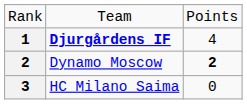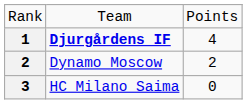 <table class="wikitable" style="text-align: center;">
 <tr>
 <td>Rank</td>
 <td>Team</td>
 <td>Points</td>
 </tr>
 <tr>
 <th>1</th>
 <td style="text-align: left;"> <strong><a href='#'>Djurgårdens IF</a></strong></td>
 <td>4</td>
 </tr>
 <tr>
 <th>2</th>
 <td style="text-align: left;"> <a href='#'>Dynamo Moscow</a></td>
-<td><strong>2</strong></td>
+<td>2</td>
 </tr>
 <tr>
 <th>3</th>
 <td style="text-align: left;"> <a href='#'>HC Milano Saima</a></td>
 <td>0</td>
 </tr>
 </table>
